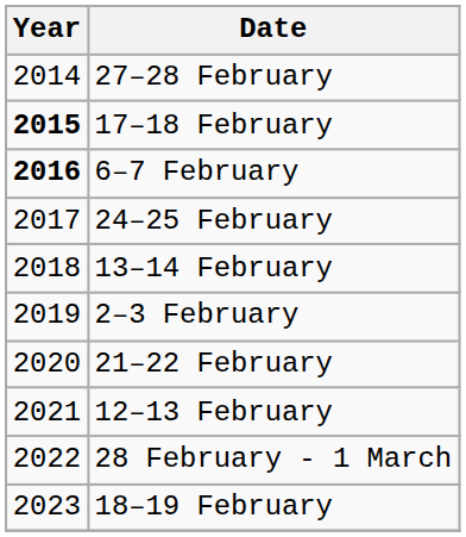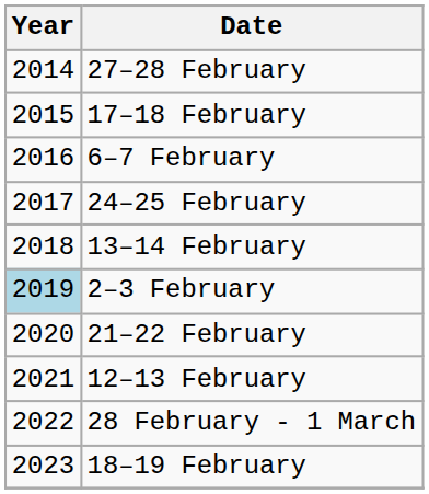 <table class="wikitable" style="font-size:90%">
 <tr>
 <th>Year</th>
 <th>Date</th>
 </tr>
 <tr>
 <td>2014</td>
 <td>27–28 February</td>
 </tr>
 <tr>
-<td><strong>2015</strong></td>
+<td>2015</td>
 <td>17–18 February</td>
 </tr>
 <tr>
-<td><strong>2016</strong></td>
+<td>2016</td>
 <td>6–7 February</td>
 </tr>
 <tr>
 <td>2017</td>
 <td>24–25 February</td>
 </tr>
 <tr>
 <td>2018</td>
 <td>13–14 February</td>
 </tr>
 <tr>
-<td>2019</td>
+<td style="background: lightblue;">2019</td>
 <td>2–3  February</td>
 </tr>
 <tr>
 <td>2020</td>
 <td>21–22 February</td>
 </tr>
 <tr>
 <td>2021</td>
 <td>12–13 February</td>
 </tr>
 <tr>
 <td>2022</td>
 <td>28 February - 1 March</td>
 </tr>
 <tr>
 <td>2023</td>
 <td>18–19 February</td>
 </tr>
 <tr>
 </tr>
 </table>
